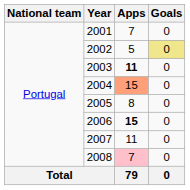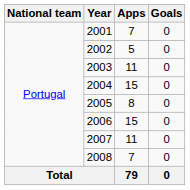 <table class="wikitable" style="text-align:center">
 <tr>
 <th>National team</th>
 <th>Year</th>
 <th>Apps</th>
 <th>Goals</th>
 </tr>
 <tr>
 <td rowspan="8"><a href='#'>Portugal</a></td>
 <td>2001</td>
 <td>7</td>
 <td>0</td>
 </tr>
 <tr>
 <td>2002</td>
 <td>5</td>
-<td style="background: khaki;">0</td>
+<td>0</td>
 </tr>
 <tr>
 <td>2003</td>
-<td><strong>11</strong></td>
+<td>11</td>
 <td>0</td>
 </tr>
 <tr>
 <td>2004</td>
-<td style="background: lightsalmon;">15</td>
+<td>15</td>
 <td>0</td>
 </tr>
 <tr>
 <td>2005</td>
 <td>8</td>
 <td>0</td>
 </tr>
 <tr>
 <td>2006</td>
-<td><strong>15</strong></td>
+<td>15</td>
 <td>0</td>
 </tr>
 <tr>
 <td>2007</td>
 <td>11</td>
 <td>0</td>
 </tr>
 <tr>
 <td>2008</td>
-<td style="background: pink;">7</td>
+<td>7</td>
 <td>0</td>
 </tr>
 <tr>
 <th colspan="2">Total</th>
 <th>79</th>
 <th>0</th>
 </tr>
 </table>
